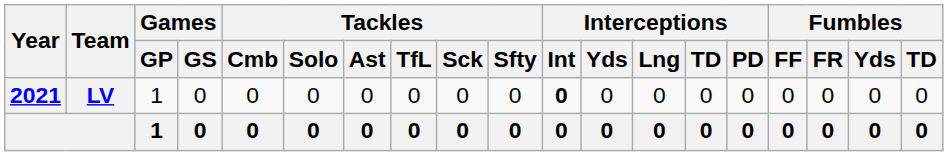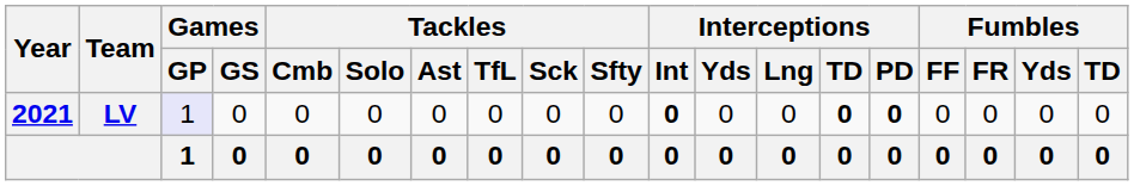 <table class= "wikitable" style="text-align: center;">
 <tr>
 <th rowspan="2">Year</th>
 <th rowspan="2">Team</th>
 <th colspan="2">Games</th>
 <th colspan="6">Tackles</th>
 <th colspan="5">Interceptions</th>
 <th colspan="4">Fumbles</th>
 </tr>
 <tr>
 <th>GP</th>
 <th>GS</th>
 <th>Cmb</th>
 <th>Solo</th>
 <th>Ast</th>
 <th>TfL</th>
 <th>Sck</th>
 <th>Sfty</th>
 <th>Int</th>
 <th>Yds</th>
 <th>Lng</th>
 <th>TD</th>
 <th>PD</th>
 <th>FF</th>
 <th>FR</th>
 <th>Yds</th>
 <th>TD</th>
 </tr>
 <tr>
 <th><a href='#'>2021</a></th>
 <th><a href='#'>LV</a></th>
-<td>1</td>
+<td style="background: lavender;">1</td>
 <td>0</td>
 <td>0</td>
 <td>0</td>
 <td>0</td>
 <td>0</td>
 <td>0</td>
 <td>0</td>
 <td><strong>0</strong></td>
 <td>0</td>
 <td>0</td>
-<td>0</td>
-<td>0</td>
+<td><strong>0</strong></td>
+<td><strong>0</strong></td>
 <td>0</td>
 <td>0</td>
 <td>0</td>
 <td>0</td>
 </tr>
 <tr>
 <th colspan="2"></th>
 <th>1</th>
 <th>0</th>
 <th>0</th>
 <th>0</th>
 <th>0</th>
 <th>0</th>
 <th>0</th>
 <th>0</th>
 <th>0</th>
 <th>0</th>
 <th>0</th>
 <th>0</th>
 <th>0</th>
 <th>0</th>
 <th>0</th>
 <th>0</th>
 <th>0</th>
 </tr>
 </table>
